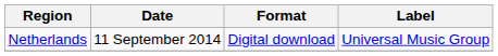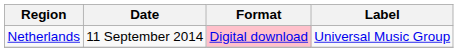 <table class=wikitable>
 <tr>
 <th>Region</th>
 <th>Date</th>
 <th>Format</th>
 <th>Label</th>
 </tr>
 <tr>
 <td><a href='#'>Netherlands</a></td>
 <td>11 September 2014</td>
-<td><a href='#'>Digital download</a></td>
+<td style="background: pink;"><a href='#'>Digital download</a></td>
 <td><a href='#'>Universal Music Group</a></td>
 </tr>
 <tr>
 </tr>
 </table>
